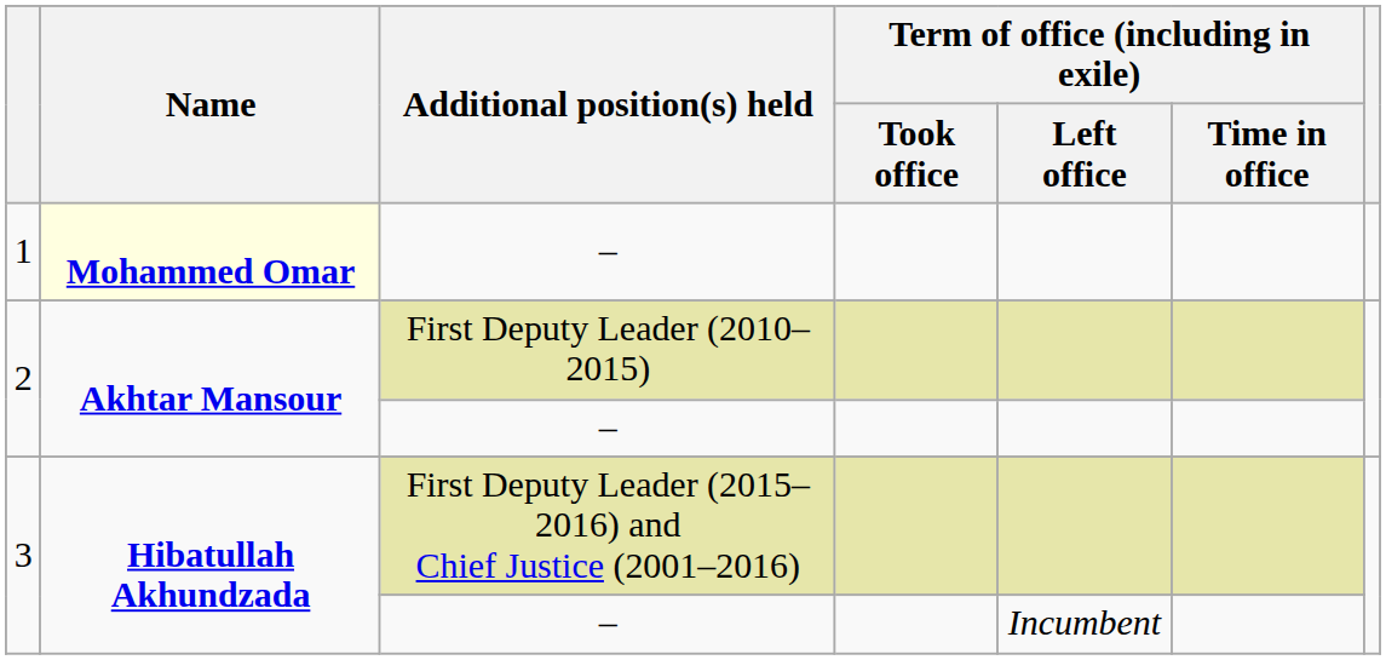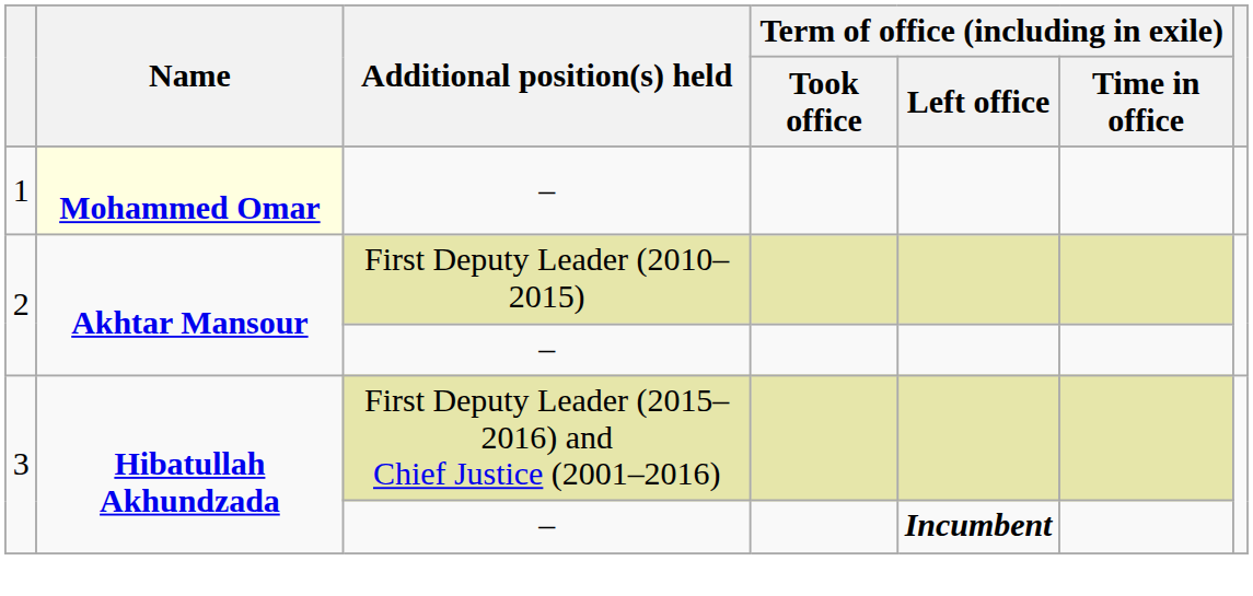 <table class="wikitable" style="text-align:center;">
 <tr>
 <th rowspan=2><br></th>
 <th rowspan=2>Name<br></th>
 <th rowspan=2>Additional position(s) held</th>
 <th colspan=3>Term of office (including in exile)</th>
 <th rowspan=2></th>
 </tr>
 <tr>
 <th>Took office</th>
 <th>Left office</th>
 <th>Time in office</th>
 </tr>
 <tr>
 <td>1<br></td>
 <td style="background: lightyellow;"><br><strong><a href='#'>Mohammed Omar</a></strong><br></td>
 <td>–</td>
 <td><br></td>
 <td><br></td>
 <td><br></td>
 <td></td>
 </tr>
 <tr>
 <td rowspan=2>2<br></td>
 <td rowspan=2><br><strong><a href='#'>Akhtar Mansour</a></strong><br></td>
 <td style="background:#e6e6aa;">First Deputy Leader (2010–2015)</td>
 <td style="background:#e6e6aa;"></td>
 <td style="background:#e6e6aa;"></td>
 <td style="background:#e6e6aa;"></td>
 <td rowspan=2></td>
 </tr>
 <tr>
 <td>–</td>
 <td></td>
 <td></td>
 <td></td>
 </tr>
 <tr>
 <td rowspan=2>3<br></td>
 <td rowspan=2><br><strong><a href='#'>Hibatullah Akhundzada</a></strong></td>
 <td style="background:#e6e6aa;">First Deputy Leader (2015–2016) and<br><a href='#'>Chief Justice</a> (2001–2016)</td>
 <td style="background:#e6e6aa;"></td>
 <td style="background:#e6e6aa;"></td>
 <td style="background:#e6e6aa;"></td>
 <td rowspan=2></td>
 </tr>
 <tr>
 <td>–</td>
 <td><br></td>
-<td><em>Incumbent</em></td>
+<td><strong><em>Incumbent</em></strong></td>
 <td><br></td>
 </tr>
 </table>
